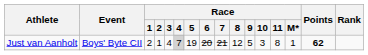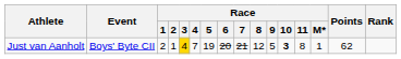 <table class="wikitable" border="1" style="font-size:90%">
 <tr>
 <th rowspan=2>Athlete</th>
 <th rowspan=2>Event</th>
 <th colspan=12>Race</th>
 <th rowspan=2>Points</th>
 <th rowspan=2>Rank</th>
 </tr>
 <tr>
 <th>1</th>
 <th>2</th>
 <th>3</th>
 <th>4</th>
 <th>5</th>
 <th>6</th>
 <th>7</th>
 <th>8</th>
 <th>9</th>
 <th>10</th>
 <th>11</th>
 <th>M*</th>
 </tr>
 <tr>
 <td><a href='#'>Just van Aanholt</a></td>
 <td><a href='#'>Boys' Byte CII</a></td>
 <td align=center>2</td>
 <td align=center>1</td>
-<td align=center>4</td>
-<td align=center style="background: lightgrey;">7</td>
+<td align=center style="background: gold;">4</td>
+<td align=center>7</td>
 <td align=center>19</td>
 <td align=center><s>20</s></td>
 <td align=center><s>21</s></td>
 <td align=center>12</td>
 <td align=center>5</td>
-<td align=center>3</td>
+<td align=center><strong>3</strong></td>
 <td align=center>8</td>
 <td align=center>1</td>
-<td align=center><strong>62</strong></td>
+<td align=center>62</td>
 <td align=center></td>
 </tr>
 </table>
